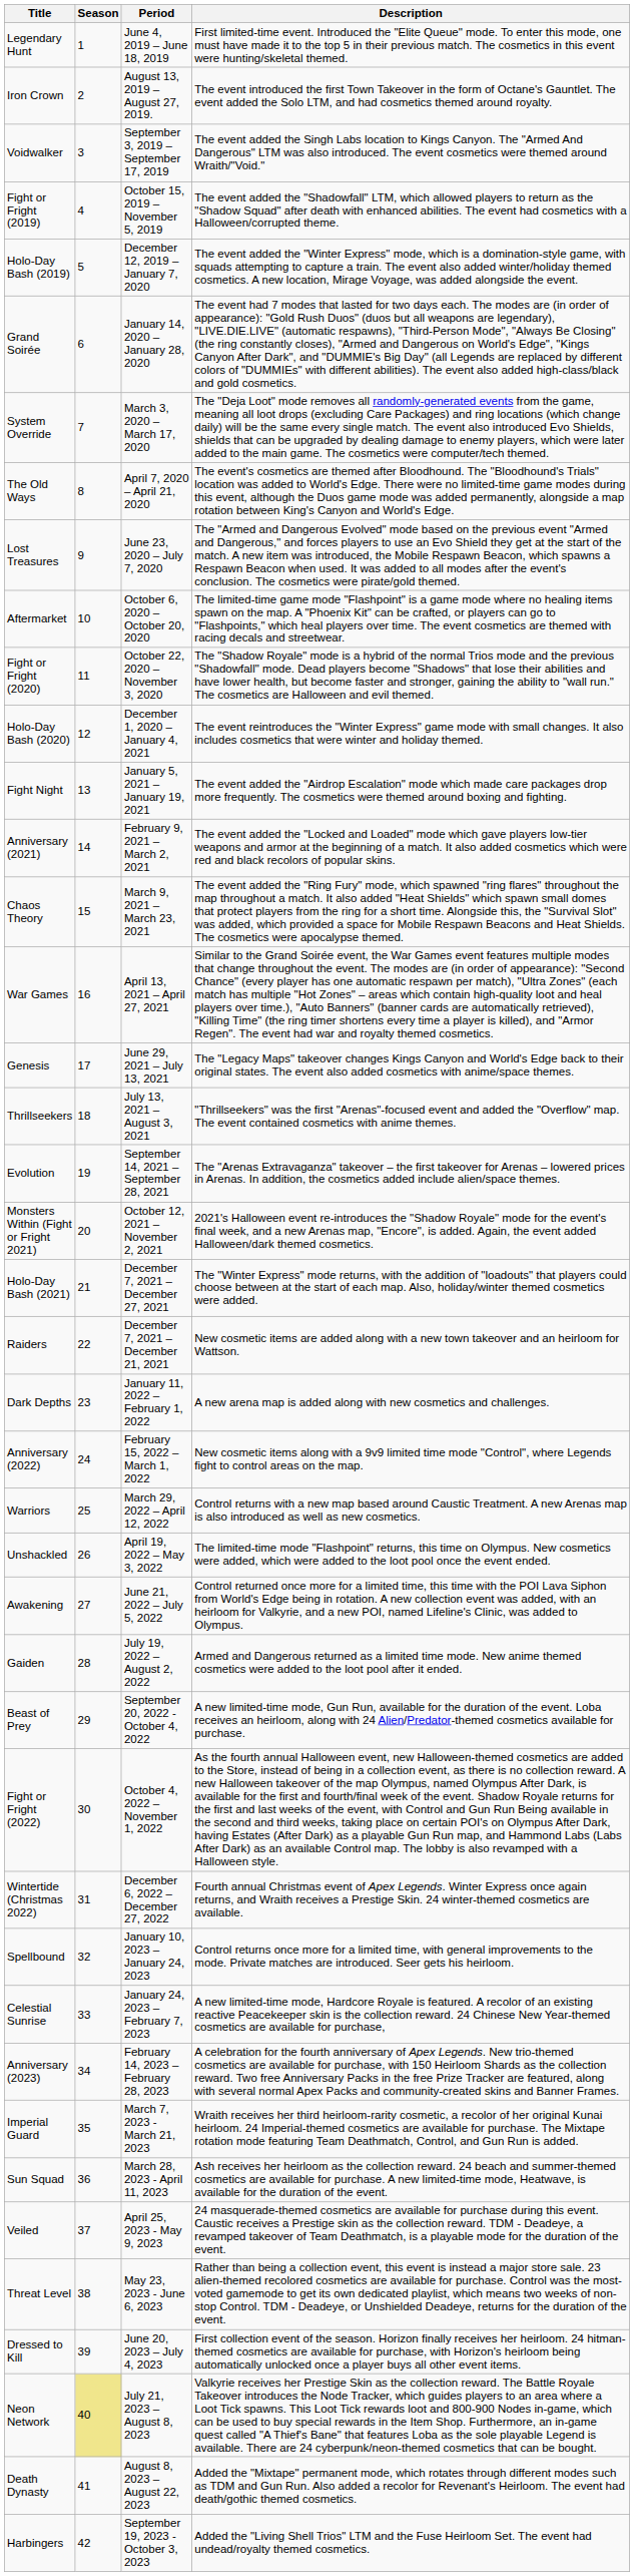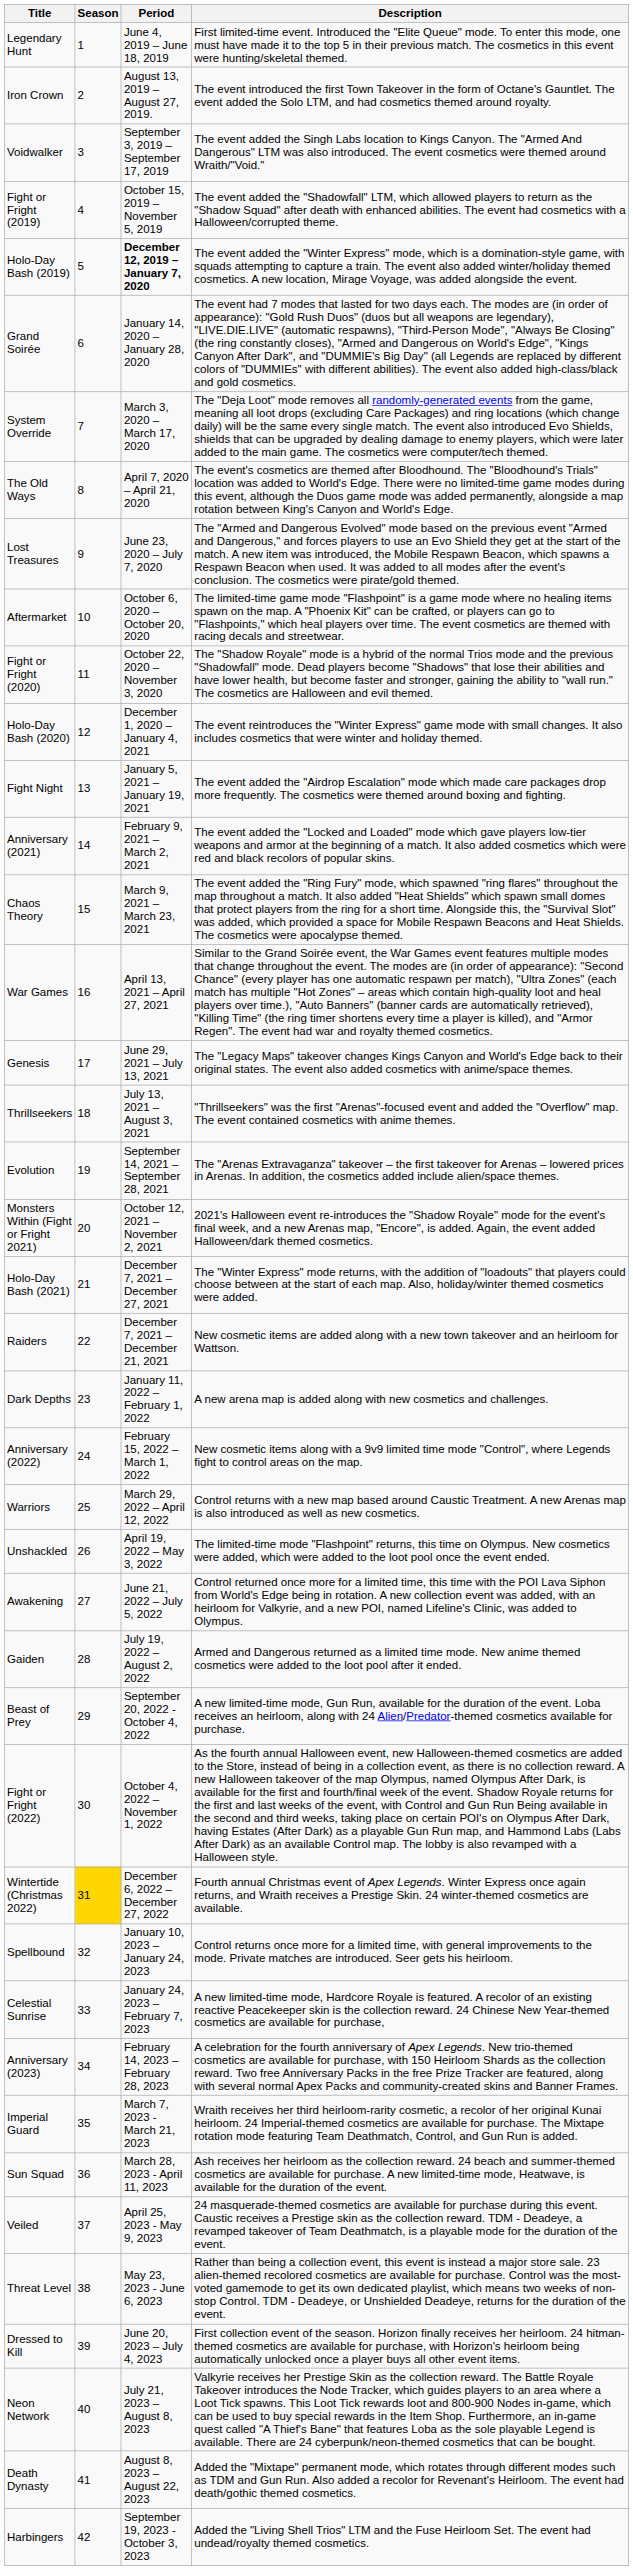 <table class="wikitable">
 <tr>
 <th width="8%">Title</th>
 <th>Season</th>
 <th>Period</th>
 <th width="70%">Description</th>
 </tr>
 <tr>
 <td>Legendary Hunt</td>
 <td>1</td>
 <td>June 4, 2019 – June 18, 2019</td>
 <td>First limited-time event. Introduced the "Elite Queue" mode. To enter this mode, one must have made it to the top 5 in their previous match. The cosmetics in this event were hunting/skeletal themed.</td>
 </tr>
 <tr>
 <td>Iron Crown</td>
 <td>2</td>
 <td>August 13, 2019 – August 27, 2019.</td>
 <td>The event introduced the first Town Takeover in the form of Octane's Gauntlet. The event added the Solo LTM, and had cosmetics themed around royalty.</td>
 </tr>
 <tr>
 <td>Voidwalker</td>
 <td>3</td>
 <td>September 3, 2019 – September 17, 2019</td>
 <td>The event added the Singh Labs location to Kings Canyon. The "Armed And Dangerous" LTM was also introduced. The event cosmetics were themed around Wraith/"Void."</td>
 </tr>
 <tr>
 <td>Fight or Fright (2019)</td>
 <td>4</td>
 <td>October 15, 2019 – November 5, 2019</td>
 <td>The event added the "Shadowfall" LTM, which allowed players to return as the "Shadow Squad" after death with enhanced abilities. The event had cosmetics with a Halloween/corrupted theme.</td>
 </tr>
 <tr>
 <td>Holo-Day Bash (2019)</td>
 <td>5</td>
-<td>December 12, 2019 – January 7, 2020</td>
+<td><strong>December 12, 2019 – January 7, 2020</strong></td>
 <td>The event added the "Winter Express" mode, which is a domination-style game, with squads attempting to capture a train. The event also added winter/holiday themed cosmetics. A new location, Mirage Voyage, was added alongside the event.</td>
 </tr>
 <tr>
 <td>Grand Soirée</td>
 <td>6</td>
 <td>January 14, 2020 – January 28, 2020</td>
 <td>The event had 7 modes that lasted for two days each. The modes are (in order of appearance): "Gold Rush Duos" (duos but all weapons are legendary), "LIVE.DIE.LIVE" (automatic respawns), "Third-Person Mode", "Always Be Closing" (the ring constantly closes), "Armed and Dangerous on World's Edge", "Kings Canyon After Dark", and "DUMMIE's Big Day" (all Legends are replaced by different colors of "DUMMIEs" with different abilities). The event also added high-class/black and gold cosmetics.</td>
 </tr>
 <tr>
 <td>System Override</td>
 <td>7</td>
 <td>March 3, 2020 – March 17, 2020</td>
 <td>The "Deja Loot" mode removes all <a href='#'>randomly-generated events</a> from the game, meaning all loot drops (excluding Care Packages) and ring locations (which change daily) will be the same every single match. The event also introduced Evo Shields, shields that can be upgraded by dealing damage to enemy players, which were later added to the main game. The cosmetics were computer/tech themed.</td>
 </tr>
 <tr>
 <td>The Old Ways</td>
 <td>8</td>
 <td>April 7, 2020 – April 21, 2020</td>
 <td>The event's cosmetics are themed after Bloodhound. The "Bloodhound's Trials" location was added to World's Edge. There were no limited-time game modes during this event, although the Duos game mode was added permanently, alongside a map rotation between King's Canyon and World's Edge.</td>
 </tr>
 <tr>
 <td>Lost Treasures</td>
 <td>9</td>
 <td>June 23, 2020 – July 7, 2020</td>
 <td>The "Armed and Dangerous Evolved" mode based on the previous event "Armed and Dangerous," and forces players to use an Evo Shield they get at the start of the match. A new item was introduced, the Mobile Respawn Beacon, which spawns a Respawn Beacon when used. It was added to all modes after the event's conclusion. The cosmetics were pirate/gold themed.</td>
 </tr>
 <tr>
 <td>Aftermarket</td>
 <td>10</td>
 <td>October 6, 2020 – October 20, 2020</td>
 <td>The limited-time game mode "Flashpoint" is a game mode where no healing items spawn on the map. A "Phoenix Kit" can be crafted, or players can go to "Flashpoints," which heal players over time. The event cosmetics are themed with racing decals and streetwear.</td>
 </tr>
 <tr>
 <td>Fight or Fright (2020)</td>
 <td>11</td>
 <td>October 22, 2020 – November 3, 2020</td>
 <td>The "Shadow Royale" mode is a hybrid of the normal Trios mode and the previous "Shadowfall" mode. Dead players become "Shadows" that lose their abilities and have lower health, but become faster and stronger, gaining the ability to "wall run." The cosmetics are Halloween and evil themed.</td>
 </tr>
 <tr>
 <td>Holo-Day Bash (2020)</td>
 <td>12</td>
 <td>December 1, 2020 – January 4, 2021</td>
 <td>The event reintroduces the "Winter Express" game mode with small changes. It also includes cosmetics that were winter and holiday themed.</td>
 </tr>
 <tr>
 <td>Fight Night</td>
 <td>13</td>
 <td>January 5, 2021 – January 19, 2021</td>
 <td>The event added the "Airdrop Escalation" mode which made care packages drop more frequently. The cosmetics were themed around boxing and fighting.</td>
 </tr>
 <tr>
 <td>Anniversary (2021)</td>
 <td>14</td>
 <td>February 9, 2021 – March 2, 2021</td>
 <td>The event added the "Locked and Loaded" mode which gave players low-tier weapons and armor at the beginning of a match. It also added cosmetics which were red and black recolors of popular skins.</td>
 </tr>
 <tr>
 <td>Chaos Theory</td>
 <td>15</td>
 <td>March 9, 2021 – March 23, 2021</td>
 <td>The event added the "Ring Fury" mode, which spawned "ring flares" throughout the map throughout a match. It also added "Heat Shields" which spawn small domes that protect players from the ring for a short time. Alongside this, the "Survival Slot" was added, which provided a space for Mobile Respawn Beacons and Heat Shields. The cosmetics were apocalypse themed.</td>
 </tr>
 <tr>
 <td>War Games</td>
 <td>16</td>
 <td>April 13, 2021 – April 27, 2021</td>
 <td>Similar to the Grand Soirée event, the War Games event features multiple modes that change throughout the event. The modes are (in order of appearance): "Second Chance" (every player has one automatic respawn per match), "Ultra Zones" (each match has multiple "Hot Zones" – areas which contain high-quality loot and heal players over time.), "Auto Banners" (banner cards are automatically retrieved), "Killing Time" (the ring timer shortens every time a player is killed), and "Armor Regen". The event had war and royalty themed cosmetics.</td>
 </tr>
 <tr>
 <td>Genesis</td>
 <td>17</td>
 <td>June 29, 2021 – July 13, 2021</td>
 <td>The "Legacy Maps" takeover changes Kings Canyon and World's Edge back to their original states. The event also added cosmetics with anime/space themes.</td>
 </tr>
 <tr>
 <td>Thrillseekers</td>
 <td>18</td>
 <td>July 13, 2021 – August 3, 2021</td>
 <td>"Thrillseekers" was the first "Arenas"-focused event and added the "Overflow" map. The event contained cosmetics with anime themes.</td>
 </tr>
 <tr>
 <td>Evolution</td>
 <td>19</td>
 <td>September 14, 2021 – September 28, 2021</td>
 <td>The "Arenas Extravaganza" takeover – the first takeover for Arenas – lowered prices in Arenas. In addition, the cosmetics added include alien/space themes.</td>
 </tr>
 <tr>
 <td>Monsters Within (Fight or Fright 2021)</td>
 <td>20</td>
 <td>October 12, 2021 – November 2, 2021</td>
 <td>2021's Halloween event re-introduces the "Shadow Royale" mode for the event's final week, and a new Arenas map, "Encore", is added. Again, the event added Halloween/dark themed cosmetics.</td>
 </tr>
 <tr>
 <td>Holo-Day Bash (2021)</td>
 <td>21</td>
 <td>December 7, 2021 – December 27, 2021</td>
 <td>The "Winter Express" mode returns, with the addition of "loadouts" that players could choose between at the start of each map. Also, holiday/winter themed cosmetics were added.</td>
 </tr>
 <tr>
 <td>Raiders</td>
 <td>22</td>
 <td>December 7, 2021 – December 21, 2021</td>
 <td>New cosmetic items are added along with a new town takeover and an heirloom for Wattson.</td>
 </tr>
 <tr>
 <td>Dark Depths</td>
 <td>23</td>
 <td>January 11, 2022 – February 1, 2022</td>
 <td>A new arena map is added along with new cosmetics and challenges.</td>
 </tr>
 <tr>
 <td>Anniversary (2022)</td>
 <td>24</td>
 <td>February 15, 2022 – March 1, 2022</td>
 <td>New cosmetic items along with a 9v9 limited time mode "Control", where Legends fight to control areas on the map.</td>
 </tr>
 <tr>
 <td>Warriors</td>
 <td>25</td>
 <td>March 29, 2022 – April 12, 2022</td>
 <td>Control returns with a new map based around Caustic Treatment. A new Arenas map is also introduced as well as new cosmetics.</td>
 </tr>
 <tr>
 <td>Unshackled</td>
 <td>26</td>
 <td>April 19, 2022 – May 3, 2022</td>
 <td>The limited-time mode "Flashpoint" returns, this time on Olympus. New cosmetics were added, which were added to the loot pool once the event ended.</td>
 </tr>
 <tr>
 <td>Awakening</td>
 <td>27</td>
 <td>June 21, 2022 – July 5, 2022</td>
 <td>Control returned once more for a limited time, this time with the POI Lava Siphon from World's Edge being in rotation. A new collection event was added, with an heirloom for Valkyrie, and a new POI, named Lifeline's Clinic, was added to Olympus.</td>
 </tr>
 <tr>
 <td>Gaiden</td>
 <td>28</td>
 <td>July 19, 2022 – August 2, 2022</td>
 <td>Armed and Dangerous returned as a limited time mode. New anime themed cosmetics were added to the loot pool after it ended.</td>
 </tr>
 <tr>
 <td>Beast of Prey</td>
 <td>29</td>
 <td>September 20, 2022 - October 4, 2022</td>
 <td>A new limited-time mode, Gun Run, available for the duration of the event. Loba receives an heirloom, along with 24 <a href='#'>Alien</a>/<a href='#'>Predator</a>-themed cosmetics available for purchase.</td>
 </tr>
 <tr>
 <td>Fight or Fright (2022)</td>
 <td>30</td>
 <td>October 4, 2022 –November 1, 2022</td>
 <td>As the fourth annual Halloween event, new Halloween-themed cosmetics are added to the Store, instead of being in a collection event, as there is no collection reward. A new Halloween takeover of the map Olympus, named Olympus After Dark, is available for the first and fourth/final week of the event. Shadow Royale returns for the first and last weeks of the event, with Control and Gun Run Being available in the second and third weeks, taking place on certain POI's on Olympus After Dark, having Estates (After Dark) as a playable Gun Run map, and Hammond Labs (Labs After Dark) as an available Control map. The lobby is also revamped with a Halloween style.</td>
 </tr>
 <tr>
 <td>Wintertide<br>(Christmas 2022)</td>
-<td>31</td>
+<td style="background: gold;">31</td>
 <td>December 6, 2022 – December 27, 2022</td>
 <td>Fourth annual Christmas event of <em>Apex Legends</em>. Winter Express once again returns, and Wraith receives a Prestige Skin. 24 winter-themed cosmetics are available.</td>
 </tr>
 <tr>
 <td>Spellbound</td>
 <td>32</td>
 <td>January 10, 2023 – January 24, 2023</td>
 <td>Control returns once more for a limited time, with general improvements to the mode. Private matches are introduced. Seer gets his heirloom.</td>
 </tr>
 <tr>
 <td>Celestial Sunrise</td>
 <td>33</td>
 <td>January 24, 2023 – February 7, 2023</td>
 <td>A new limited-time mode, Hardcore Royale is featured. A recolor of an existing reactive Peacekeeper skin is the collection reward. 24 Chinese New Year-themed cosmetics are available for purchase,</td>
 </tr>
 <tr>
 <td>Anniversary (2023)</td>
 <td>34</td>
 <td>February 14, 2023 – February 28, 2023</td>
 <td>A celebration for the fourth anniversary of <em>Apex Legends</em>. New trio-themed cosmetics are available for purchase, with 150 Heirloom Shards as the collection reward. Two free Anniversary Packs in the free Prize Tracker are featured, along with several normal Apex Packs and community-created skins and Banner Frames.</td>
 </tr>
 <tr>
 <td>Imperial Guard</td>
 <td>35</td>
 <td>March 7, 2023 - March 21, 2023</td>
 <td>Wraith receives her third heirloom-rarity cosmetic, a recolor of her original Kunai heirloom. 24 Imperial-themed cosmetics are available for purchase. The Mixtape rotation mode featuring Team Deathmatch, Control, and Gun Run is added.</td>
 </tr>
 <tr>
 <td>Sun Squad</td>
 <td>36</td>
 <td>March 28, 2023 - April 11, 2023</td>
 <td>Ash receives her heirloom as the collection reward. 24 beach and summer-themed cosmetics are available for purchase. A new limited-time mode, Heatwave, is available for the duration of the event.</td>
 </tr>
 <tr>
 <td>Veiled</td>
 <td>37</td>
 <td>April 25, 2023 - May 9, 2023</td>
 <td>24 masquerade-themed cosmetics are available for purchase during this event. Caustic receives a Prestige skin as the collection reward. TDM - Deadeye, a revamped takeover of Team Deathmatch, is a playable mode for the duration of the event.</td>
 </tr>
 <tr>
 <td>Threat Level</td>
 <td>38</td>
 <td>May 23, 2023 - June 6, 2023</td>
 <td>Rather than being a collection event, this event is instead a major store sale. 23 alien-themed recolored cosmetics are available for purchase. Control was the most-voted gamemode to get its own dedicated playlist, which means two weeks of non-stop Control. TDM - Deadeye, or Unshielded Deadeye, returns for the duration of the event.</td>
 </tr>
 <tr>
 <td>Dressed to Kill</td>
 <td>39</td>
 <td>June 20, 2023 – July 4, 2023</td>
 <td>First collection event of the season. Horizon finally receives her heirloom. 24 hitman-themed cosmetics are available for purchase, with Horizon's heirloom being automatically unlocked once a player buys all other event items.</td>
 </tr>
 <tr>
 <td>Neon Network</td>
-<td style="background: khaki;">40</td>
+<td>40</td>
 <td>July 21, 2023 –August 8, 2023</td>
 <td>Valkyrie receives her Prestige Skin as the collection reward. The Battle Royale Takeover introduces the Node Tracker, which guides players to an area where a Loot Tick spawns. This Loot Tick rewards loot and 800-900 Nodes in-game, which can be used to buy special rewards in the Item Shop. Furthermore, an in-game quest called "A Thief's Bane" that features Loba as the sole playable Legend is available. There are 24 cyberpunk/neon-themed cosmetics that can be bought.</td>
 </tr>
 <tr>
 <td>Death Dynasty</td>
 <td>41</td>
 <td>August 8, 2023 – August 22, 2023</td>
 <td>Added the "Mixtape" permanent mode, which rotates through different modes such as TDM and Gun Run. Also added a recolor for Revenant's Heirloom. The event had death/gothic themed cosmetics.</td>
 </tr>
 <tr>
 <td>Harbingers</td>
 <td>42</td>
 <td>September 19, 2023 - October 3, 2023</td>
 <td>Added the "Living Shell Trios" LTM and the Fuse Heirloom Set. The event had undead/royalty themed cosmetics.</td>
 </tr>
 </table>
